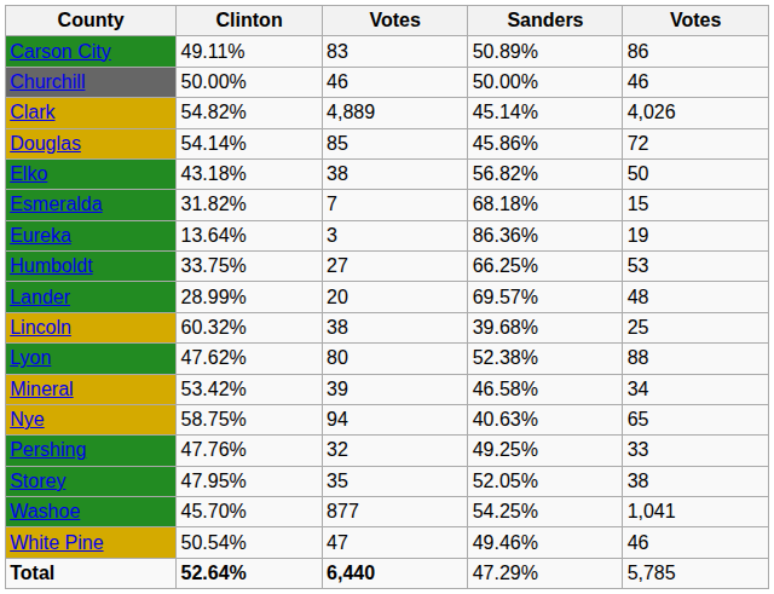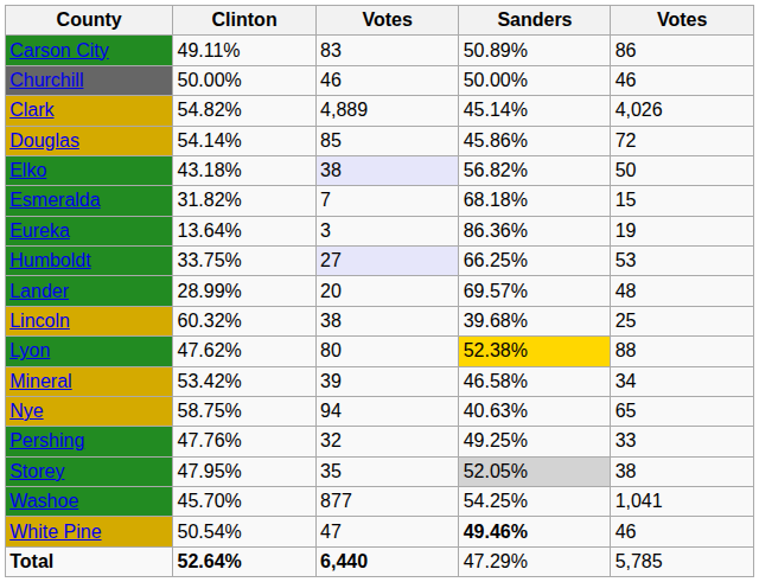 <table width="50%" class="wikitable sortable">
 <tr>
 <th width="10%">County</th>
 <th width="10%">Clinton</th>
 <th width="10%">Votes</th>
 <th width="10%">Sanders</th>
 <th width="10%">Votes</th>
 </tr>
 <tr>
 <td style="background:#228B22;"><a href='#'>Carson City</a></td>
 <td>49.11%</td>
 <td>83</td>
 <td>50.89%</td>
 <td>86</td>
 </tr>
 <tr>
 <td style="background:#666666;"><a href='#'>Churchill</a></td>
 <td>50.00%</td>
 <td>46</td>
 <td>50.00%</td>
 <td>46</td>
 </tr>
 <tr>
 <td style="background:#D4AA00;"><a href='#'>Clark</a></td>
 <td>54.82%</td>
 <td>4,889</td>
 <td>45.14%</td>
 <td>4,026</td>
 </tr>
 <tr>
 <td style="background:#D4AA00;"><a href='#'>Douglas</a></td>
 <td>54.14%</td>
 <td>85</td>
 <td>45.86%</td>
 <td>72</td>
 </tr>
 <tr>
 <td style="background:#228B22;"><a href='#'>Elko</a></td>
 <td>43.18%</td>
-<td>38</td>
+<td style="background: lavender;">38</td>
 <td>56.82%</td>
 <td>50</td>
 </tr>
 <tr>
 <td style="background:#228B22;"><a href='#'>Esmeralda</a></td>
 <td>31.82%</td>
 <td>7</td>
 <td>68.18%</td>
 <td>15</td>
 </tr>
 <tr>
 <td style="background:#228B22;"><a href='#'>Eureka</a></td>
 <td>13.64%</td>
 <td>3</td>
 <td>86.36%</td>
 <td>19</td>
 </tr>
 <tr>
 <td style="background:#228B22;"><a href='#'>Humboldt</a></td>
 <td>33.75%</td>
-<td>27</td>
+<td style="background: lavender;">27</td>
 <td>66.25%</td>
 <td>53</td>
 </tr>
 <tr>
 <td style="background:#228B22;"><a href='#'>Lander</a></td>
 <td>28.99%</td>
 <td>20</td>
 <td>69.57%</td>
 <td>48</td>
 </tr>
 <tr>
 <td style="background:#D4AA00;"><a href='#'>Lincoln</a></td>
 <td>60.32%</td>
 <td>38</td>
 <td>39.68%</td>
 <td>25</td>
 </tr>
 <tr>
 <td style="background:#228B22;"><a href='#'>Lyon</a></td>
 <td>47.62%</td>
 <td>80</td>
-<td>52.38%</td>
+<td style="background: gold;">52.38%</td>
 <td>88</td>
 </tr>
 <tr>
 <td style="background:#D4AA00;"><a href='#'>Mineral</a></td>
 <td>53.42%</td>
 <td>39</td>
 <td>46.58%</td>
 <td>34</td>
 </tr>
 <tr>
 <td style="background:#D4AA00;"><a href='#'>Nye</a></td>
 <td>58.75%</td>
 <td>94</td>
 <td>40.63%</td>
 <td>65</td>
 </tr>
 <tr>
 <td style="background:#228B22;"><a href='#'>Pershing</a></td>
 <td>47.76%</td>
 <td>32</td>
 <td>49.25%</td>
 <td>33</td>
 </tr>
 <tr>
 <td style="background:#228B22;"><a href='#'>Storey</a></td>
 <td>47.95%</td>
 <td>35</td>
-<td>52.05%</td>
+<td style="background: lightgrey;">52.05%</td>
 <td>38</td>
 </tr>
 <tr>
 <td style="background:#228B22;"><a href='#'>Washoe</a></td>
 <td>45.70%</td>
 <td>877</td>
 <td>54.25%</td>
 <td>1,041</td>
 </tr>
 <tr>
 <td style="background:#D4AA00;"><a href='#'>White Pine</a></td>
 <td>50.54%</td>
 <td>47</td>
-<td>49.46%</td>
+<td><strong>49.46%</strong></td>
 <td>46</td>
 </tr>
 <tr>
 <td><strong>Total</strong></td>
 <td><strong>52.64%</strong></td>
 <td><strong>6,440</strong></td>
 <td>47.29%</td>
 <td>5,785</td>
 </tr>
 <tr>
 </tr>
 </table>
